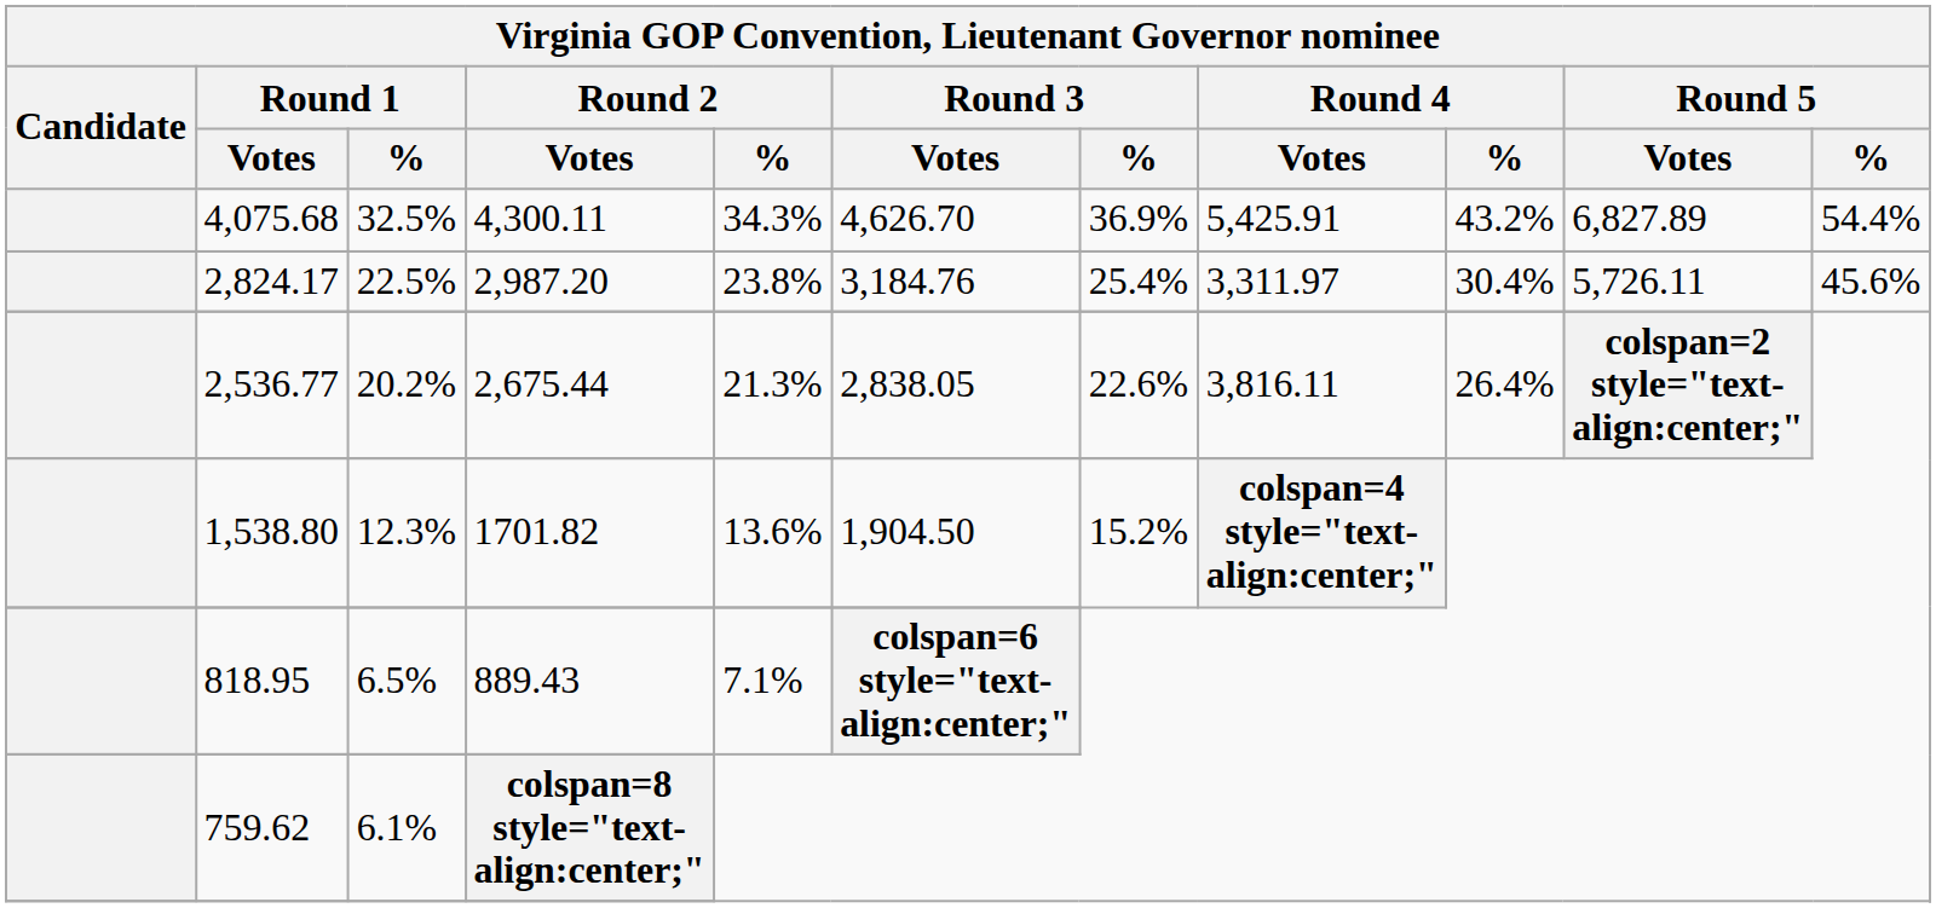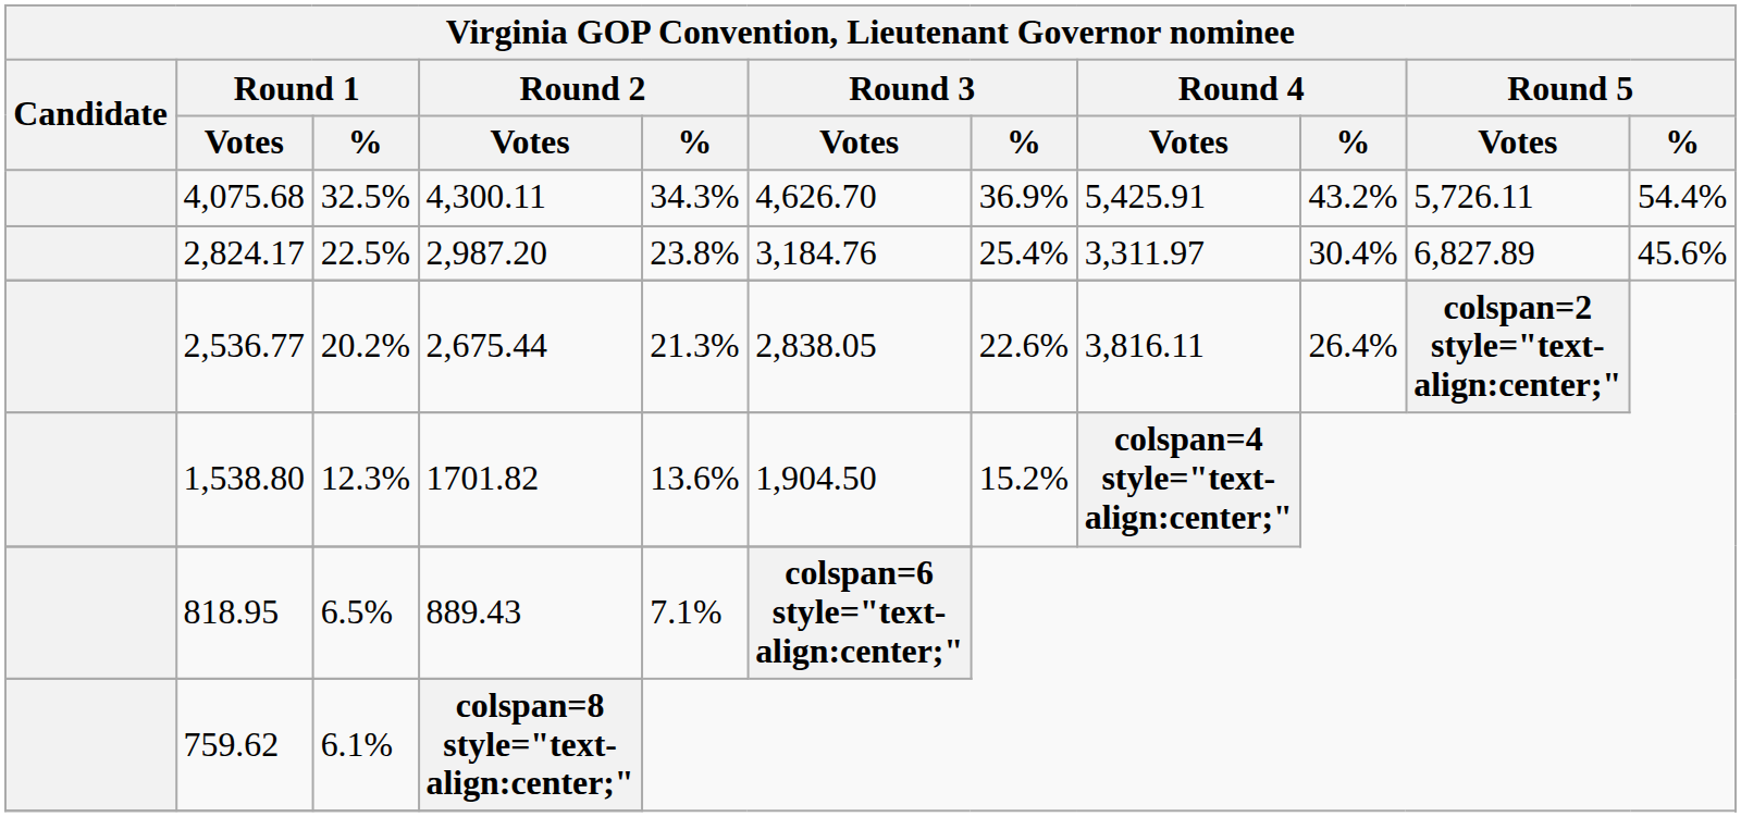 <table class="wikitable sortable">
 <tr>
 <th colspan=" 11 ">Virginia GOP Convention, Lieutenant Governor nominee</th>
 </tr>
 <tr style="background:#eee; text-align:center;">
 <th rowspan=2 style="text-align:center;">Candidate</th>
 <th colspan=2 style="text-align:center;">Round 1</th>
 <th colspan=2 style="text-align:center;">Round 2</th>
 <th colspan=2 style="text-align:center;">Round 3</th>
 <th colspan=2 style="text-align:center;">Round 4</th>
 <th colspan=2 style="text-align:center;">Round 5</th>
 </tr>
 <tr>
 <th>Votes</th>
 <th>%</th>
 <th>Votes</th>
 <th>%</th>
 <th>Votes</th>
 <th>%</th>
 <th>Votes</th>
 <th>%</th>
 <th>Votes</th>
 <th>%</th>
 </tr>
 <tr>
 <th scope="row" style="text-align:left;"></th>
 <td>4,075.68</td>
 <td>32.5%</td>
 <td>4,300.11</td>
 <td>34.3%</td>
 <td>4,626.70</td>
 <td>36.9%</td>
 <td>5,425.91</td>
 <td>43.2%</td>
-<td> 6,827.89</td>
+<td>5,726.11</td>
 <td> 54.4%</td>
 </tr>
 <tr>
 </tr>
 <tr>
 <th scope="row" style="text-align:left;"></th>
 <td>2,824.17</td>
 <td>22.5%</td>
 <td>2,987.20</td>
 <td>23.8%</td>
 <td>3,184.76</td>
 <td>25.4%</td>
 <td>3,311.97</td>
 <td>30.4%</td>
-<td>5,726.11</td>
+<td> 6,827.89</td>
 <td>45.6%</td>
 </tr>
 <tr>
 </tr>
 <tr>
 <th scope="row" style="text-align:left;"></th>
 <td>2,536.77</td>
 <td>20.2%</td>
 <td>2,675.44</td>
 <td>21.3%</td>
 <td>2,838.05</td>
 <td>22.6%</td>
 <td>3,816.11</td>
 <td>26.4%</td>
 <th>colspan=2 style="text-align:center;" </th>
 </tr>
 <tr>
 </tr>
 <tr>
 <th scope="row" style="text-align:left;"></th>
 <td>1,538.80</td>
 <td>12.3%</td>
 <td>1701.82</td>
 <td>13.6%</td>
 <td>1,904.50</td>
 <td>15.2%</td>
 <th>colspan=4 style="text-align:center;" </th>
 </tr>
 <tr>
 </tr>
 <tr>
 <th scope="row" style="text-align:left;"></th>
 <td>818.95</td>
 <td>6.5%</td>
 <td>889.43</td>
 <td>7.1%</td>
 <th>colspan=6 style="text-align:center;" </th>
 </tr>
 <tr>
 </tr>
 <tr>
 <th scope="row" style="text-align:left;"></th>
 <td>759.62</td>
 <td>6.1%</td>
 <th>colspan=8 style="text-align:center;" </th>
 </tr>
 <tr>
 </tr>
 </table>
